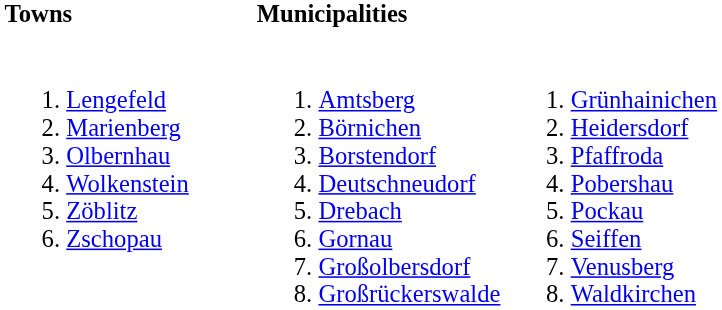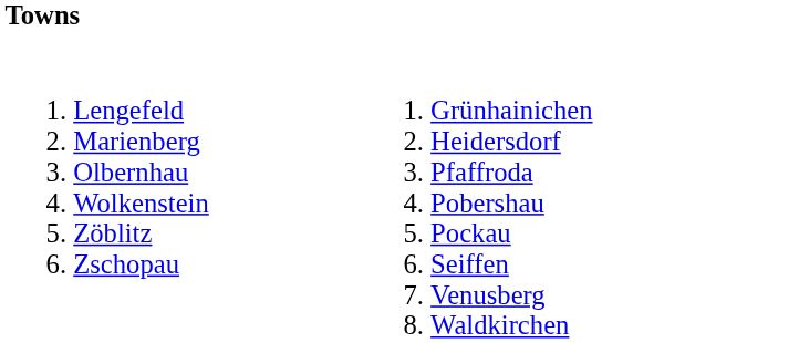 <table>
 <tr>
 <th style="text-align:left; width:33%;">Towns</th>
-<th style="text-align:left; width:33%;">Municipalities</th>
 <th style="text-align:left; width:33%;"></th>
 </tr>
 <tr valign=top>
 <td><br><ol><li><a href='#'>Lengefeld</a></li><li><a href='#'>Marienberg</a></li><li><a href='#'>Olbernhau</a></li><li><a href='#'>Wolkenstein</a></li><li><a href='#'>Zöblitz</a></li><li><a href='#'>Zschopau</a></li></ol></td>
-<td><br><ol><li><a href='#'>Amtsberg</a></li><li><a href='#'>Börnichen</a></li><li><a href='#'>Borstendorf</a></li><li><a href='#'>Deutschneudorf</a></li><li><a href='#'>Drebach</a></li><li><a href='#'>Gornau</a></li><li><a href='#'>Großolbersdorf</a></li><li><a href='#'>Großrückerswalde</a></li></ol></td>
 <td><br><ol> <li><a href='#'>Grünhainichen</a>  <li><a href='#'>Heidersdorf</a>  <li><a href='#'>Pfaffroda</a>  <li><a href='#'>Pobershau</a>  <li><a href='#'>Pockau</a>  <li><a href='#'>Seiffen</a>  <li><a href='#'>Venusberg</a>  <li><a href='#'>Waldkirchen</a>  </ol></td>
 </tr>
 </table>
